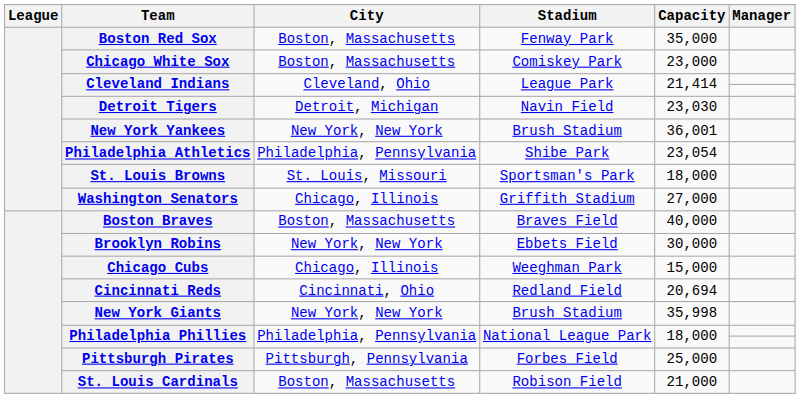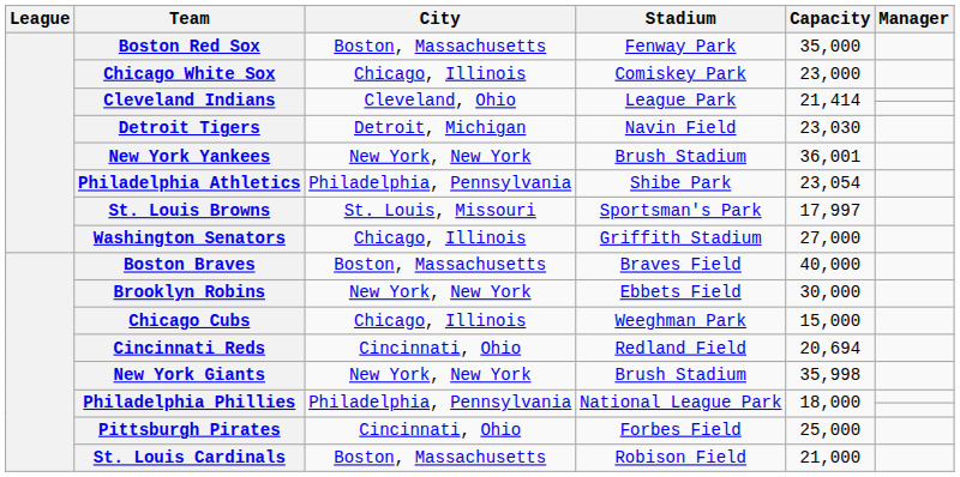 <table class="wikitable sortable plainrowheaders" style="text-align:center;">
 <tr>
 <th scope="col">League</th>
 <th scope="col">Team</th>
 <th scope="col">City</th>
 <th scope="col">Stadium</th>
 <th scope="col">Capacity</th>
 <th scope="col">Manager</th>
 </tr>
 <tr>
 <th rowspan="9"></th>
 <th scope="row"><a href='#'>Boston Red Sox</a></th>
 <td><a href='#'>Boston</a>, <a href='#'>Massachusetts</a></td>
 <td><a href='#'>Fenway Park</a></td>
 <td>35,000</td>
 <td></td>
 </tr>
 <tr>
 <th scope="row"><a href='#'>Chicago White Sox</a></th>
-<td><a href='#'>Boston</a>, <a href='#'>Massachusetts</a></td>
+<td><a href='#'>Chicago</a>, <a href='#'>Illinois</a></td>
 <td><a href='#'>Comiskey Park</a></td>
 <td>23,000</td>
 <td></td>
 </tr>
 <tr>
 <th rowspan="2" scope="row"><a href='#'>Cleveland Indians</a></th>
 <td rowspan="2"><a href='#'>Cleveland</a>, <a href='#'>Ohio</a></td>
 <td rowspan="2"><a href='#'>League Park</a></td>
 <td rowspan="2">21,414</td>
 <td></td>
 </tr>
 <tr>
 <td></td>
 </tr>
 <tr>
 <th scope="row"><a href='#'>Detroit Tigers</a></th>
 <td><a href='#'>Detroit</a>, <a href='#'>Michigan</a></td>
 <td><a href='#'>Navin Field</a></td>
 <td>23,030</td>
 <td></td>
 </tr>
 <tr>
 <th scope="row"><a href='#'>New York Yankees</a></th>
 <td><a href='#'>New York</a>, <a href='#'>New York</a></td>
 <td><a href='#'>Brush Stadium</a></td>
 <td>36,001</td>
 <td></td>
 </tr>
 <tr>
 <th scope="row"><a href='#'>Philadelphia Athletics</a></th>
 <td><a href='#'>Philadelphia</a>, <a href='#'>Pennsylvania</a></td>
 <td><a href='#'>Shibe Park</a></td>
 <td>23,054</td>
 <td></td>
 </tr>
 <tr>
 <th scope="row"><a href='#'>St. Louis Browns</a></th>
 <td><a href='#'>St. Louis</a>, <a href='#'>Missouri</a></td>
 <td><a href='#'>Sportsman's Park</a></td>
-<td>18,000</td>
+<td>17,997</td>
 <td></td>
 </tr>
 <tr>
 <th scope="row"><a href='#'>Washington Senators</a></th>
 <td><a href='#'>Chicago</a>, <a href='#'>Illinois</a></td>
 <td><a href='#'>Griffith Stadium</a></td>
 <td>27,000</td>
 <td></td>
 </tr>
 <tr>
 <th rowspan="9"></th>
 <th scope="row"><a href='#'>Boston Braves</a></th>
 <td><a href='#'>Boston</a>, <a href='#'>Massachusetts</a></td>
 <td><a href='#'>Braves Field</a></td>
 <td>40,000</td>
 <td></td>
 </tr>
 <tr>
 <th scope="row"><a href='#'>Brooklyn Robins</a></th>
 <td><a href='#'>New York</a>, <a href='#'>New York</a></td>
 <td><a href='#'>Ebbets Field</a></td>
 <td>30,000</td>
 <td></td>
 </tr>
 <tr>
 <th scope="row"><a href='#'>Chicago Cubs</a></th>
 <td><a href='#'>Chicago</a>, <a href='#'>Illinois</a></td>
 <td><a href='#'>Weeghman Park</a></td>
 <td>15,000</td>
 <td></td>
 </tr>
 <tr>
 <th scope="row"><a href='#'>Cincinnati Reds</a></th>
 <td><a href='#'>Cincinnati</a>, <a href='#'>Ohio</a></td>
 <td><a href='#'>Redland Field</a></td>
 <td>20,694</td>
 <td></td>
 </tr>
 <tr>
 <th scope="row"><a href='#'>New York Giants</a></th>
 <td><a href='#'>New York</a>, <a href='#'>New York</a></td>
 <td><a href='#'>Brush Stadium</a></td>
 <td>35,998</td>
 <td></td>
 </tr>
 <tr>
 <th rowspan="2" scope="row"><a href='#'>Philadelphia Phillies</a></th>
 <td rowspan="2"><a href='#'>Philadelphia</a>, <a href='#'>Pennsylvania</a></td>
 <td rowspan="2"><a href='#'>National League Park</a></td>
 <td rowspan="2">18,000</td>
 <td></td>
 </tr>
 <tr>
 <td></td>
 </tr>
 <tr>
 <th scope="row"><a href='#'>Pittsburgh Pirates</a></th>
-<td><a href='#'>Pittsburgh</a>, <a href='#'>Pennsylvania</a></td>
+<td><a href='#'>Cincinnati</a>, <a href='#'>Ohio</a></td>
 <td><a href='#'>Forbes Field</a></td>
 <td>25,000</td>
 <td></td>
 </tr>
 <tr>
 <th scope="row"><a href='#'>St. Louis Cardinals</a></th>
 <td><a href='#'>Boston</a>, <a href='#'>Massachusetts</a></td>
 <td><a href='#'>Robison Field</a></td>
 <td>21,000</td>
 <td></td>
 </tr>
 </table>
